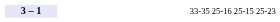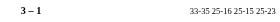 <table>
 <tr>
 <th width=200></th>
 <th width=80></th>
 <th width=200></th>
 <th width=220></th>
 </tr>
 <tr>
 <td align=right><strong></strong></td>
-<td align=center style="background: lavender;"><strong>3 – 1</strong></td>
+<td align=center><strong>3 – 1</strong></td>
 <td></td>
 <td><small>33-35 25-16 25-15 25-23</small></td>
 </tr>
 </table>
